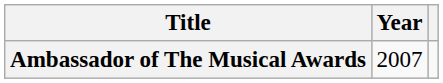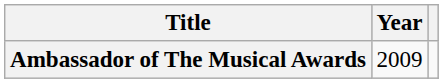 <table class="wikitable plainrowheaders">
 <tr>
 <th>Title</th>
 <th>Year</th>
 <th></th>
 </tr>
 <tr>
 <th scope="row">Ambassador of The Musical Awards</th>
-<td>2007</td>
+<td>2009</td>
 <td></td>
 </tr>
 </table>
